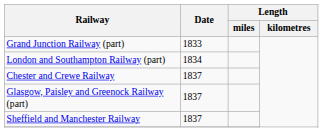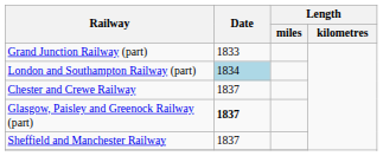 <table class="wikitable" style="font-size: 90%;">
 <tr>
 <th rowspan=2 style="width:256px">Railway</th>
 <th rowspan=2 style="width:64px">Date</th>
 <th colspan=2 style="width:128px">Length</th>
 </tr>
 <tr>
 <th>miles</th>
 <th>kilometres</th>
 </tr>
 <tr>
 <td><a href='#'>Grand Junction Railway</a> (part)</td>
 <td>1833</td>
 <td></td>
 </tr>
 <tr>
 <td><a href='#'>London and Southampton Railway</a> (part)</td>
-<td>1834</td>
+<td style="background: lightblue;">1834</td>
 <td></td>
 </tr>
 <tr>
 <td><a href='#'>Chester and Crewe Railway</a></td>
 <td>1837</td>
 <td></td>
 </tr>
 <tr>
 <td><a href='#'>Glasgow, Paisley and Greenock Railway</a> (part)</td>
-<td>1837</td>
+<td><strong>1837</strong></td>
 <td></td>
 </tr>
 <tr>
 <td><a href='#'>Sheffield and Manchester Railway</a></td>
 <td>1837</td>
 <td></td>
 </tr>
 <tr>
 </tr>
 </table>
